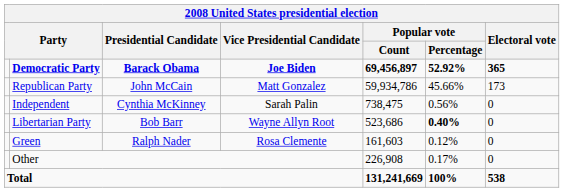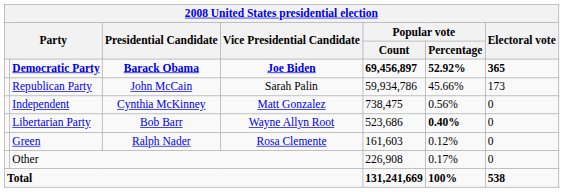 <table class="wikitable" |>
 <tr>
 <th colspan= 7><a href='#'>2008 United States presidential election</a></th>
 </tr>
 <tr>
 <th rowspan="2" colspan="2" text- style="text-align:center;">Party</th>
 <th rowspan="2" text- style="text-align:center;">Presidential Candidate</th>
 <th rowspan="2" text- style="text-align:center;">Vice Presidential Candidate</th>
 <th colspan="2" text- style="text-align:center;">Popular vote</th>
 <th rowspan="2" text- style="text-align:center;">Electoral vote</th>
 </tr>
 <tr>
 <th>Count</th>
 <th>Percentage</th>
 </tr>
 <tr>
 <td style="background:"></td>
 <td><strong><a href='#'>Democratic Party</a></strong></td>
 <td text- style="text-align:center;"><strong><a href='#'>Barack Obama</a></strong></td>
 <td text- style="text-align:center;"><strong><a href='#'>Joe Biden</a></strong></td>
 <td><strong>69,456,897</strong></td>
 <td><strong>52.92%</strong></td>
 <td><strong>365</strong></td>
 </tr>
 <tr>
 <td style="background:"></td>
 <td><a href='#'>Republican Party</a></td>
 <td text- style="text-align:center;"><a href='#'>John McCain</a></td>
-<td text- style="text-align:center;"><a href='#'>Matt Gonzalez</a></td>
+<td text- style="text-align:center;">Sarah Palin</td>
 <td>59,934,786</td>
 <td>45.66%</td>
 <td>173</td>
 </tr>
 <tr>
 <td style="background:"></td>
 <td><a href='#'>Independent</a></td>
 <td text- style="text-align:center;"><a href='#'>Cynthia McKinney</a></td>
-<td text- style="text-align:center;">Sarah Palin</td>
+<td text- style="text-align:center;"><a href='#'>Matt Gonzalez</a></td>
 <td>738,475</td>
 <td>0.56%</td>
 <td>0</td>
 </tr>
 <tr>
 <td style="background:"></td>
 <td><a href='#'>Libertarian Party</a></td>
 <td text- style="text-align:center;"><a href='#'>Bob Barr</a></td>
 <td text- style="text-align:center;"><a href='#'>Wayne Allyn Root</a></td>
 <td>523,686</td>
 <td><strong>0.40%</strong></td>
 <td>0</td>
 </tr>
 <tr>
 <td style="background:"></td>
 <td><a href='#'>Green</a></td>
 <td text- style="text-align:center;"><a href='#'>Ralph Nader</a></td>
 <td text- style="text-align:center;"><a href='#'>Rosa Clemente</a></td>
 <td>161,603</td>
 <td>0.12%</td>
 <td>0</td>
 </tr>
 <tr>
 <td style="background:"></td>
 <td colspan=3>Other</td>
 <td>226,908</td>
 <td>0.17%</td>
 <td>0</td>
 </tr>
 <tr>
 <td colspan=4 rowspan=2><strong>Total</strong></td>
 <td><strong>131,241,669</strong></td>
 <td><strong>100%</strong></td>
 <td><strong>538</strong></td>
 </tr>
 </table>
